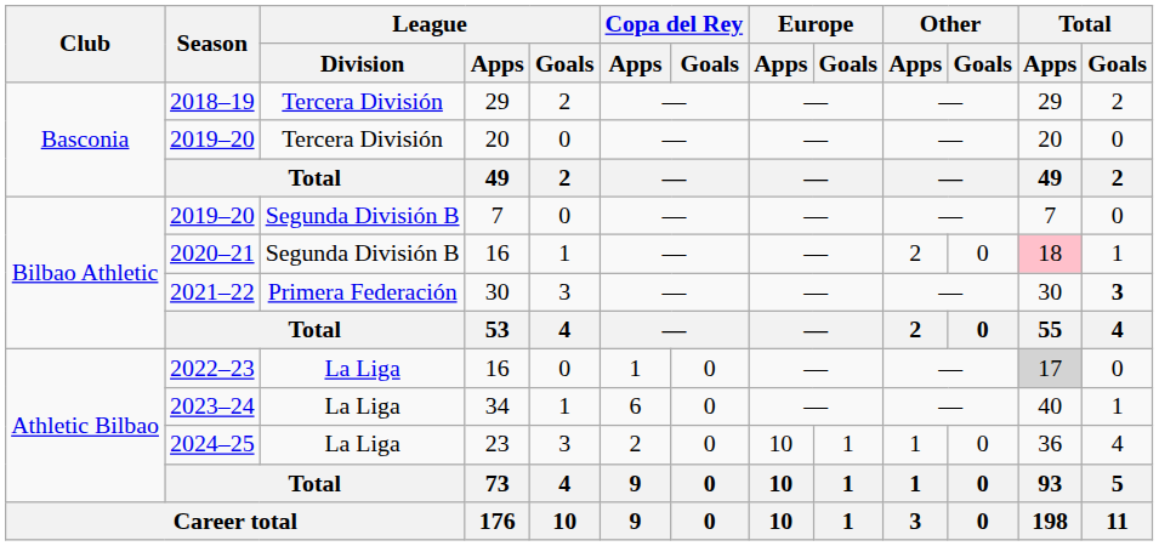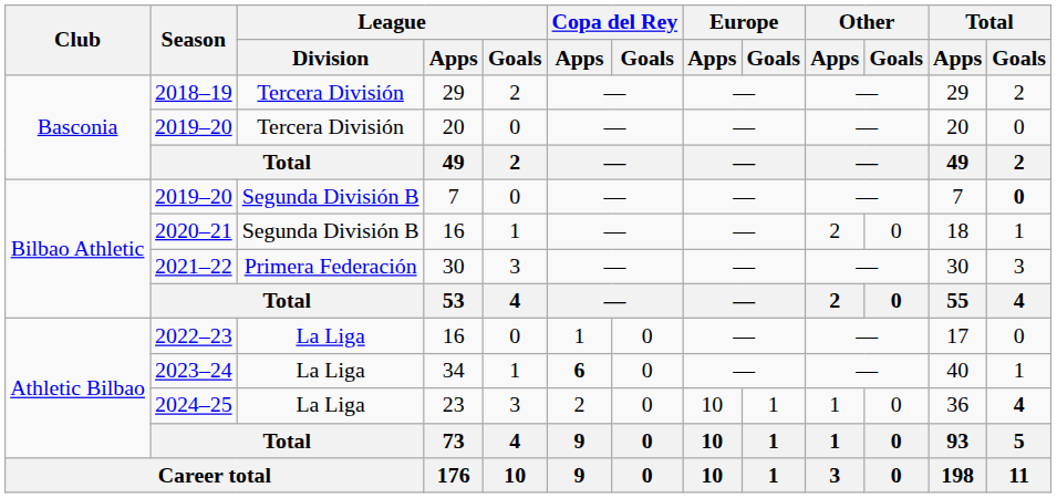 <table class="wikitable" style="text-align:center">
 <tr>
 <th rowspan="2">Club</th>
 <th rowspan="2">Season</th>
 <th colspan="3">League</th>
 <th colspan="2"><a href='#'>Copa del Rey</a></th>
 <th colspan="2">Europe</th>
 <th colspan="2">Other</th>
 <th colspan="2">Total</th>
 </tr>
 <tr>
 <th>Division</th>
 <th>Apps</th>
 <th>Goals</th>
 <th>Apps</th>
 <th>Goals</th>
 <th>Apps</th>
 <th>Goals</th>
 <th>Apps</th>
 <th>Goals</th>
 <th>Apps</th>
 <th>Goals</th>
 </tr>
 <tr>
 <td rowspan="3"><a href='#'>Basconia</a></td>
 <td><a href='#'>2018–19</a></td>
 <td><a href='#'>Tercera División</a></td>
 <td>29</td>
 <td>2</td>
 <td colspan="2">—</td>
 <td colspan="2">—</td>
 <td colspan="2">—</td>
 <td>29</td>
 <td>2</td>
 </tr>
 <tr>
 <td><a href='#'>2019–20</a></td>
 <td>Tercera División</td>
 <td>20</td>
 <td>0</td>
 <td colspan="2">—</td>
 <td colspan="2">—</td>
 <td colspan="2">—</td>
 <td>20</td>
 <td>0</td>
 </tr>
 <tr>
 <th colspan="2">Total</th>
 <th>49</th>
 <th>2</th>
 <th colspan="2">—</th>
 <th colspan="2">—</th>
 <th colspan="2">—</th>
 <th>49</th>
 <th>2</th>
 </tr>
 <tr>
 <td rowspan="4"><a href='#'>Bilbao Athletic</a></td>
 <td><a href='#'>2019–20</a></td>
 <td><a href='#'>Segunda División B</a></td>
 <td>7</td>
 <td>0</td>
 <td colspan="2">—</td>
 <td colspan="2">—</td>
 <td colspan="2">—</td>
 <td>7</td>
-<td>0</td>
+<td><strong>0</strong></td>
 </tr>
 <tr>
 <td><a href='#'>2020–21</a></td>
 <td>Segunda División B</td>
 <td>16</td>
 <td>1</td>
 <td colspan="2">—</td>
 <td colspan="2">—</td>
 <td>2</td>
 <td>0</td>
-<td style="background: pink;">18</td>
+<td>18</td>
 <td>1</td>
 </tr>
 <tr>
 <td><a href='#'>2021–22</a></td>
 <td><a href='#'>Primera Federación</a></td>
 <td>30</td>
 <td>3</td>
 <td colspan="2">—</td>
 <td colspan="2">—</td>
 <td colspan="2">—</td>
 <td>30</td>
-<td><strong>3</strong></td>
+<td>3</td>
 </tr>
 <tr>
 <th colspan="2">Total</th>
 <th>53</th>
 <th>4</th>
 <th colspan="2">—</th>
 <th colspan="2">—</th>
 <th>2</th>
 <th>0</th>
 <th>55</th>
 <th>4</th>
 </tr>
 <tr>
 <td rowspan="4"><a href='#'>Athletic Bilbao</a></td>
 <td><a href='#'>2022–23</a></td>
 <td><a href='#'>La Liga</a></td>
 <td>16</td>
 <td>0</td>
 <td>1</td>
 <td>0</td>
 <td colspan="2">—</td>
 <td colspan="2">—</td>
-<td style="background: lightgrey;">17</td>
+<td>17</td>
 <td>0</td>
 </tr>
 <tr>
 <td><a href='#'>2023–24</a></td>
 <td>La Liga</td>
 <td>34</td>
 <td>1</td>
-<td>6</td>
+<td><strong>6</strong></td>
 <td>0</td>
 <td colspan="2">—</td>
 <td colspan="2">—</td>
 <td>40</td>
 <td>1</td>
 </tr>
 <tr>
 <td><a href='#'>2024–25</a></td>
 <td>La Liga</td>
 <td>23</td>
 <td>3</td>
 <td>2</td>
 <td>0</td>
 <td>10</td>
 <td>1</td>
 <td>1</td>
 <td>0</td>
 <td>36</td>
-<td>4</td>
+<td><strong>4</strong></td>
 </tr>
 <tr>
 <th colspan="2">Total</th>
 <th>73</th>
 <th>4</th>
 <th>9</th>
 <th>0</th>
 <th>10</th>
 <th>1</th>
 <th>1</th>
 <th>0</th>
 <th>93</th>
 <th>5</th>
 </tr>
 <tr>
 <th colspan="3">Career total</th>
 <th>176</th>
 <th>10</th>
 <th>9</th>
 <th>0</th>
 <th>10</th>
 <th>1</th>
 <th>3</th>
 <th>0</th>
 <th>198</th>
 <th>11</th>
 </tr>
 </table>
